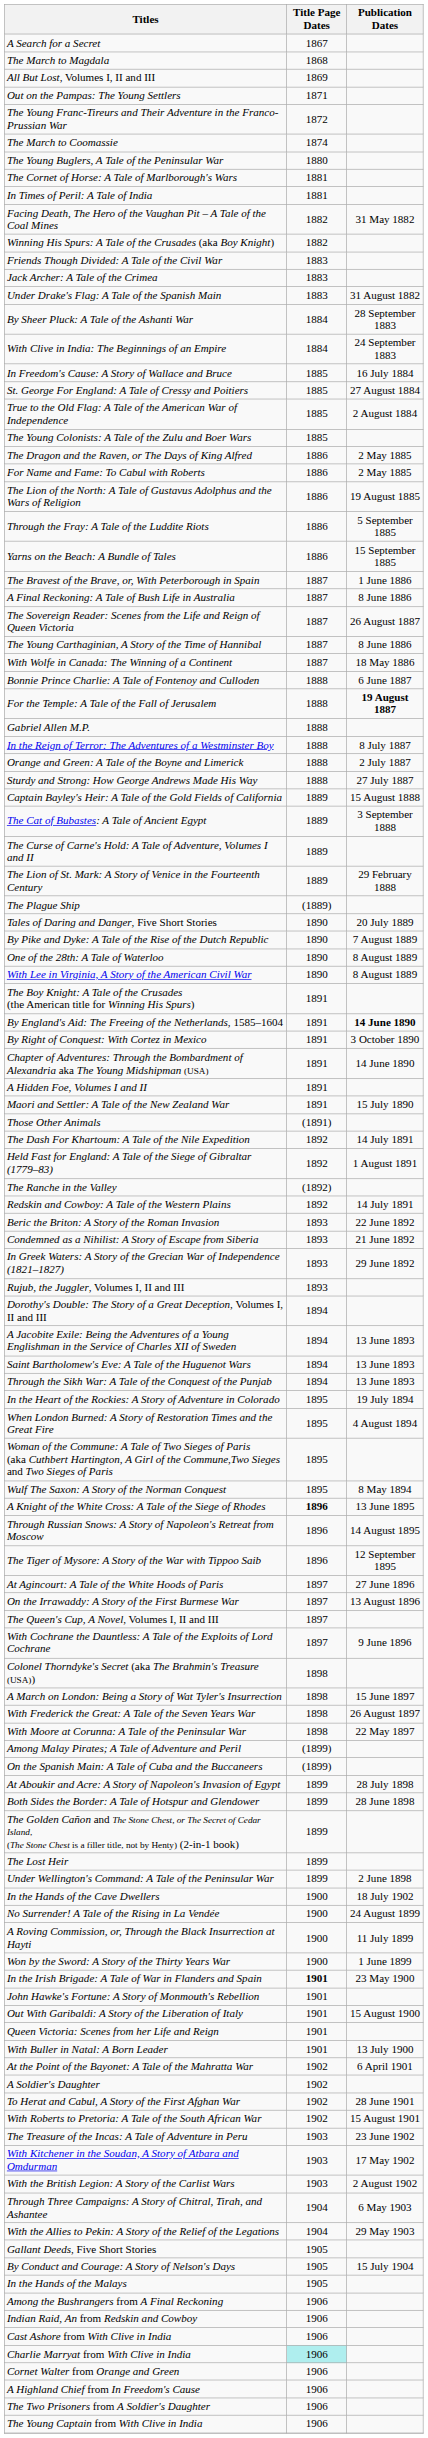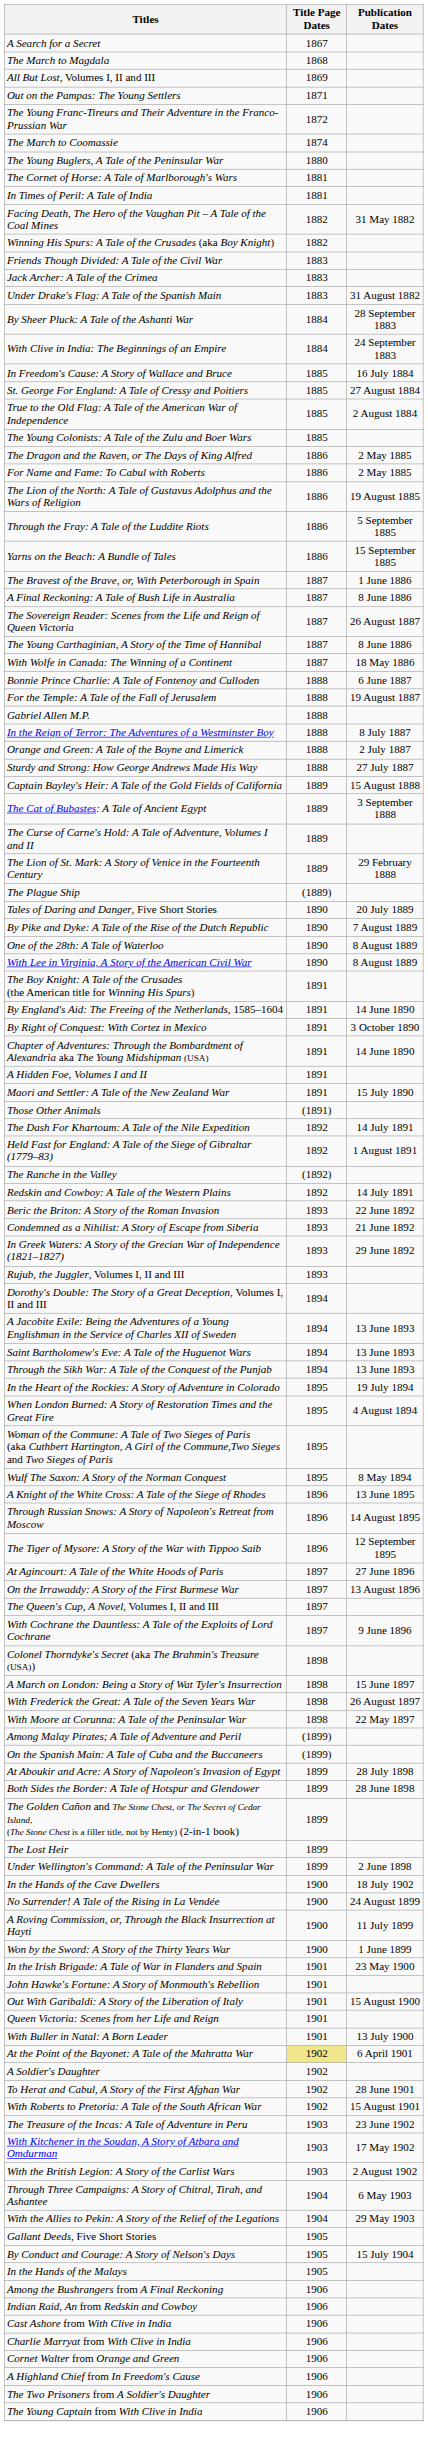 <table class="wikitable sortable" style="text-align: center;">
 <tr>
 <th>Titles</th>
 <th>Title Page Dates</th>
 <th>Publication Dates</th>
 </tr>
 <tr>
 <td align="left"><em>A Search for a Secret</em></td>
 <td>1867</td>
 <td></td>
 </tr>
 <tr>
 <td align="left"><em>The March to Magdala</em></td>
 <td>1868</td>
 <td></td>
 </tr>
 <tr>
 <td align="left"><em>All But Lost</em>, Volumes I, II and III</td>
 <td>1869</td>
 <td></td>
 </tr>
 <tr>
 <td align="left"><em>Out on the Pampas: The Young Settlers</em></td>
 <td>1871</td>
 <td></td>
 </tr>
 <tr>
 <td align="left"><em>The Young Franc-Tireurs and Their Adventure in the Franco-Prussian War</em></td>
 <td>1872</td>
 <td></td>
 </tr>
 <tr>
 <td align="left"><em>The March to Coomassie</em></td>
 <td>1874</td>
 <td></td>
 </tr>
 <tr>
 <td align="left"><em>The Young Buglers, A Tale of the Peninsular War</em></td>
 <td>1880</td>
 <td></td>
 </tr>
 <tr>
 <td align="left"><em>The Cornet of Horse: A Tale of Marlborough's Wars</em></td>
 <td>1881</td>
 <td></td>
 </tr>
 <tr>
 <td align="left"><em>In Times of Peril: A Tale of India</em></td>
 <td>1881</td>
 <td></td>
 </tr>
 <tr>
 <td align="left"><em>Facing Death, The Hero of the Vaughan Pit – A Tale of the Coal Mines</em></td>
 <td>1882</td>
 <td>31 May 1882</td>
 </tr>
 <tr>
 <td align="left"><em>Winning His Spurs: A Tale of the Crusades</em> (aka <em>Boy Knight</em>)</td>
 <td>1882</td>
 <td></td>
 </tr>
 <tr>
 <td align="left"><em>Friends Though Divided: A Tale of the Civil War</em></td>
 <td>1883</td>
 <td></td>
 </tr>
 <tr>
 <td align="left"><em>Jack Archer: A Tale of the Crimea</em></td>
 <td>1883</td>
 <td></td>
 </tr>
 <tr>
 <td align="left"><em>Under Drake's Flag: A Tale of the Spanish Main</em></td>
 <td>1883</td>
 <td>31 August 1882</td>
 </tr>
 <tr>
 <td align="left"><em>By Sheer Pluck: A Tale of the Ashanti War</em></td>
 <td>1884</td>
 <td>28 September 1883</td>
 </tr>
 <tr>
 <td align="left"><em>With Clive in India: The Beginnings of an Empire</em></td>
 <td>1884</td>
 <td>24 September 1883</td>
 </tr>
 <tr>
 <td align="left"><em>In Freedom's Cause: A Story of Wallace and Bruce</em></td>
 <td>1885</td>
 <td>16 July 1884</td>
 </tr>
 <tr>
 <td align="left"><em>St. George For England: A Tale of Cressy and Poitiers</em></td>
 <td>1885</td>
 <td>27 August 1884</td>
 </tr>
 <tr>
 <td align="left"><em>True to the Old Flag: A Tale of the American War of Independence</em></td>
 <td>1885</td>
 <td>2 August 1884</td>
 </tr>
 <tr>
 <td align="left"><em>The Young Colonists: A Tale of the Zulu and Boer Wars</em></td>
 <td>1885</td>
 <td></td>
 </tr>
 <tr>
 <td align="left"><em>The Dragon and the Raven, or The Days of King Alfred</em></td>
 <td>1886</td>
 <td>2 May 1885</td>
 </tr>
 <tr>
 <td align="left"><em>For Name and Fame: To Cabul with Roberts</em></td>
 <td>1886</td>
 <td>2 May 1885</td>
 </tr>
 <tr>
 <td align="left"><em>The Lion of the North: A Tale of Gustavus Adolphus and the Wars of Religion</em></td>
 <td>1886</td>
 <td>19 August 1885</td>
 </tr>
 <tr>
 <td align="left"><em>Through the Fray: A Tale of the Luddite Riots</em></td>
 <td>1886</td>
 <td>5 September 1885</td>
 </tr>
 <tr>
 <td align="left"><em>Yarns on the Beach: A Bundle of Tales</em></td>
 <td>1886</td>
 <td>15 September 1885</td>
 </tr>
 <tr>
 <td align="left"><em>The Bravest of the Brave, or, With Peterborough in Spain</em></td>
 <td>1887</td>
 <td>1 June 1886</td>
 </tr>
 <tr>
 <td align="left"><em>A Final Reckoning: A Tale of Bush Life in Australia</em></td>
 <td>1887</td>
 <td>8 June 1886</td>
 </tr>
 <tr>
 <td align="left"><em>The Sovereign Reader: Scenes from the Life and Reign of Queen Victoria</em></td>
 <td>1887</td>
 <td>26 August 1887</td>
 </tr>
 <tr>
 <td align="left"><em>The Young Carthaginian, A Story of the Time of Hannibal</em></td>
 <td>1887</td>
 <td>8 June 1886</td>
 </tr>
 <tr>
 <td align="left"><em>With Wolfe in Canada: The Winning of a Continent</em></td>
 <td>1887</td>
 <td>18 May 1886</td>
 </tr>
 <tr>
 <td align="left"><em>Bonnie Prince Charlie: A Tale of Fontenoy and Culloden</em></td>
 <td>1888</td>
 <td>6 June 1887</td>
 </tr>
 <tr>
 <td align="left"><em>For the Temple: A Tale of the Fall of Jerusalem</em></td>
 <td>1888</td>
-<td><strong>19 August 1887</strong></td>
+<td>19 August 1887</td>
 </tr>
 <tr>
 <td align="left"><em>Gabriel Allen M.P.</em></td>
 <td>1888</td>
 <td></td>
 </tr>
 <tr>
 <td align="left"><em><a href='#'>In the Reign of Terror: The Adventures of a Westminster Boy</a></em></td>
 <td>1888</td>
 <td>8 July 1887</td>
 </tr>
 <tr>
 <td align="left"><em>Orange and Green: A Tale of the Boyne and Limerick</em></td>
 <td>1888</td>
 <td>2 July 1887</td>
 </tr>
 <tr>
 <td align="left"><em>Sturdy and Strong: How George Andrews Made His Way</em></td>
 <td>1888</td>
 <td>27 July 1887</td>
 </tr>
 <tr>
 <td align="left"><em>Captain Bayley's Heir: A Tale of the Gold Fields of California</em></td>
 <td>1889</td>
 <td>15 August 1888</td>
 </tr>
 <tr>
 <td align="left"><em><a href='#'>The Cat of Bubastes</a>: A Tale of Ancient Egypt</em></td>
 <td>1889</td>
 <td>3 September 1888</td>
 </tr>
 <tr>
 <td align="left"><em>The Curse of Carne's Hold: A Tale of Adventure, Volumes I and II</em></td>
 <td>1889</td>
 <td></td>
 </tr>
 <tr>
 <td align="left"><em>The Lion of St. Mark: A Story of Venice in the Fourteenth Century</em></td>
 <td>1889</td>
 <td>29 February 1888</td>
 </tr>
 <tr>
 <td align="left"><em>The Plague Ship</em></td>
 <td>(1889)</td>
 <td></td>
 </tr>
 <tr>
 <td align="left"><em>Tales of Daring and Danger</em>, Five Short Stories</td>
 <td>1890</td>
 <td>20 July 1889</td>
 </tr>
 <tr>
 <td align="left"><em>By Pike and Dyke: A Tale of the Rise of the Dutch Republic</em></td>
 <td>1890</td>
 <td>7 August 1889</td>
 </tr>
 <tr>
 <td align="left"><em>One of the 28th: A Tale of Waterloo</em></td>
 <td>1890</td>
 <td>8 August 1889</td>
 </tr>
 <tr>
 <td align="left"><em><a href='#'>With Lee in Virginia, A Story of the American Civil War</a></em></td>
 <td>1890</td>
 <td>8 August 1889</td>
 </tr>
 <tr>
 <td align="left"><em>The Boy Knight: A Tale of the Crusades</em> <br>(the American title for <em>Winning His Spurs</em>)</td>
 <td>1891</td>
 <td></td>
 </tr>
 <tr>
 <td align="left"><em>By England's Aid: The Freeing of the Netherlands</em>, 1585–1604</td>
 <td>1891</td>
-<td><strong>14 June 1890</strong></td>
+<td>14 June 1890</td>
 </tr>
 <tr>
 <td align="left"><em>By Right of Conquest: With Cortez in Mexico</em></td>
 <td>1891</td>
 <td>3 October 1890</td>
 </tr>
 <tr>
 <td align="left"><em>Chapter of Adventures: Through the Bombardment of Alexandria</em> aka <em>The Young Midshipman</em> <small>(USA)</small></td>
 <td>1891</td>
 <td>14 June 1890</td>
 </tr>
 <tr>
 <td align="left"><em>A Hidden Foe, Volumes I and II</em></td>
 <td>1891</td>
 <td></td>
 </tr>
 <tr>
 <td align="left"><em>Maori and Settler: A Tale of the New Zealand War</em></td>
 <td>1891</td>
 <td>15 July 1890</td>
 </tr>
 <tr>
 <td align="left"><em>Those Other Animals</em></td>
 <td>(1891)</td>
 <td></td>
 </tr>
 <tr>
 <td align="left"><em>The Dash For Khartoum: A Tale of the Nile Expedition</em></td>
 <td>1892</td>
 <td>14 July 1891</td>
 </tr>
 <tr>
 <td align="left"><em>Held Fast for England: A Tale of the Siege of Gibraltar (1779–83)</em></td>
 <td>1892</td>
 <td>1 August 1891</td>
 </tr>
 <tr>
 <td align="left"><em>The Ranche in the Valley</em></td>
 <td>(1892)</td>
 <td></td>
 </tr>
 <tr>
 <td align="left"><em>Redskin and Cowboy: A Tale of the Western Plains</em></td>
 <td>1892</td>
 <td>14 July 1891</td>
 </tr>
 <tr>
 <td align="left"><em>Beric the Briton: A Story of the Roman Invasion</em></td>
 <td>1893</td>
 <td>22 June 1892</td>
 </tr>
 <tr>
 <td align="left"><em>Condemned as a Nihilist: A Story of Escape from Siberia</em></td>
 <td>1893</td>
 <td>21 June 1892</td>
 </tr>
 <tr>
 <td align="left"><em>In Greek Waters: A Story of the Grecian War of Independence (1821–1827)</em></td>
 <td>1893</td>
 <td>29 June 1892</td>
 </tr>
 <tr>
 <td align="left"><em>Rujub, the Juggler</em>, Volumes I, II and III</td>
 <td>1893</td>
 <td></td>
 </tr>
 <tr>
 <td align="left"><em>Dorothy's Double: The Story of a Great Deception</em>, Volumes I, II and III</td>
 <td>1894</td>
 <td></td>
 </tr>
 <tr>
 <td align="left"><em>A Jacobite Exile: Being the Adventures of a Young Englishman in the Service of Charles XII of Sweden</em></td>
 <td>1894</td>
 <td>13 June 1893</td>
 </tr>
 <tr>
 <td align="left"><em>Saint Bartholomew's Eve: A Tale of the Huguenot Wars</em></td>
 <td>1894</td>
 <td>13 June 1893</td>
 </tr>
 <tr>
 <td align="left"><em>Through the Sikh War: A Tale of the Conquest of the Punjab</em></td>
 <td>1894</td>
 <td>13 June 1893</td>
 </tr>
 <tr>
 <td align="left"><em>In the Heart of the Rockies: A Story of Adventure in Colorado</em></td>
 <td>1895</td>
 <td>19 July 1894</td>
 </tr>
 <tr>
 <td align="left"><em>When London Burned: A Story of Restoration Times and the Great Fire</em></td>
 <td>1895</td>
 <td>4 August 1894</td>
 </tr>
 <tr>
 <td align="left"><em>Woman of the Commune: A Tale of Two Sieges of Paris</em> <br>(aka <em>Cuthbert Hartington</em>, <em>A Girl of the Commune</em>,<em>Two Sieges</em> and <em>Two Sieges of Paris</em></td>
 <td>1895</td>
 <td></td>
 </tr>
 <tr>
 <td align="left"><em>Wulf The Saxon: A Story of the Norman Conquest</em></td>
 <td>1895</td>
 <td>8 May 1894</td>
 </tr>
 <tr>
 <td align="left"><em>A Knight of the White Cross: A Tale of the Siege of Rhodes</em></td>
-<td><strong>1896</strong></td>
+<td>1896</td>
 <td>13 June 1895</td>
 </tr>
 <tr>
 <td align="left"><em>Through Russian Snows: A Story of Napoleon's Retreat from Moscow</em></td>
 <td>1896</td>
 <td>14 August 1895</td>
 </tr>
 <tr>
 <td align="left"><em>The Tiger of Mysore: A Story of the War with Tippoo Saib</em></td>
 <td>1896</td>
 <td>12 September 1895</td>
 </tr>
 <tr>
 <td align="left"><em>At Agincourt: A Tale of the White Hoods of Paris</em></td>
 <td>1897</td>
 <td>27 June 1896</td>
 </tr>
 <tr>
 <td align="left"><em>On the Irrawaddy: A Story of the First Burmese War</em></td>
 <td>1897</td>
 <td>13 August 1896</td>
 </tr>
 <tr>
 <td align="left"><em>The Queen's Cup, A Novel</em>, Volumes I, II and III</td>
 <td>1897</td>
 <td></td>
 </tr>
 <tr>
 <td align="left"><em>With Cochrane the Dauntless: A Tale of the Exploits of Lord Cochrane</em></td>
 <td>1897</td>
 <td>9 June 1896</td>
 </tr>
 <tr>
 <td align="left"><em>Colonel Thorndyke's Secret</em> (aka <em>The Brahmin's Treasure</em> <small>(USA)</small>)</td>
 <td>1898</td>
 <td></td>
 </tr>
 <tr>
 <td align="left"><em>A March on London: Being a Story of Wat Tyler's Insurrection</em></td>
 <td>1898</td>
 <td>15 June 1897</td>
 </tr>
 <tr>
 <td align="left"><em>With Frederick the Great: A Tale of the Seven Years War</em></td>
 <td>1898</td>
 <td>26 August 1897</td>
 </tr>
 <tr>
 <td align="left"><em>With Moore at Corunna: A Tale of the Peninsular War</em></td>
 <td>1898</td>
 <td>22 May 1897</td>
 </tr>
 <tr>
 <td align="left"><em>Among Malay Pirates; A Tale of Adventure and Peril</em></td>
 <td>(1899)</td>
 <td></td>
 </tr>
 <tr>
 <td align="left"><em>On the Spanish Main: A Tale of Cuba and the Buccaneers</em></td>
 <td>(1899)</td>
 <td></td>
 </tr>
 <tr>
 <td align="left"><em>At Aboukir and Acre: A Story of Napoleon's Invasion of Egypt</em></td>
 <td>1899</td>
 <td>28 July 1898</td>
 </tr>
 <tr>
 <td align="left"><em>Both Sides the Border: A Tale of Hotspur and Glendower</em></td>
 <td>1899</td>
 <td>28 June 1898</td>
 </tr>
 <tr>
 <td align="left"><em>The Golden Cañon</em> and <small><em>The Stone Chest, or The Secret of Cedar Island</em>, <br>(<em>The Stone Chest</em> is a filler title, not by Henty)</small> (2-in-1 book)</td>
 <td>1899</td>
 <td></td>
 </tr>
 <tr>
 <td align="left"><em>The Lost Heir</em></td>
 <td>1899</td>
 <td></td>
 </tr>
 <tr>
 <td align="left"><em>Under Wellington's Command: A Tale of the Peninsular War</em></td>
 <td>1899</td>
 <td>2 June 1898</td>
 </tr>
 <tr>
 <td align="left"><em>In the Hands of the Cave Dwellers</em></td>
 <td>1900</td>
 <td>18 July 1902</td>
 </tr>
 <tr>
 <td align="left"><em>No Surrender! A Tale of the Rising in La Vendée</em></td>
 <td>1900</td>
 <td>24 August 1899</td>
 </tr>
 <tr>
 <td align="left"><em>A Roving Commission, or, Through the Black Insurrection at Hayti</em></td>
 <td>1900</td>
 <td>11 July 1899</td>
 </tr>
 <tr>
 <td align="left"><em>Won by the Sword: A Story of the Thirty Years War</em></td>
 <td>1900</td>
 <td>1 June 1899</td>
 </tr>
 <tr>
 <td align="left"><em>In the Irish Brigade: A Tale of War in Flanders and Spain</em></td>
-<td><strong>1901</strong></td>
+<td>1901</td>
 <td>23 May 1900</td>
 </tr>
 <tr>
 <td align="left"><em>John Hawke's Fortune: A Story of Monmouth's Rebellion</em></td>
 <td>1901</td>
 <td></td>
 </tr>
 <tr>
 <td align="left"><em>Out With Garibaldi: A Story of the Liberation of Italy</em></td>
 <td>1901</td>
 <td>15 August 1900</td>
 </tr>
 <tr>
 <td align="left"><em>Queen Victoria: Scenes from her Life and Reign</em></td>
 <td>1901</td>
 <td></td>
 </tr>
 <tr>
 <td align="left"><em>With Buller in Natal: A Born Leader</em></td>
 <td>1901</td>
 <td>13 July 1900</td>
 </tr>
 <tr>
 <td align="left"><em>At the Point of the Bayonet: A Tale of the Mahratta War</em></td>
-<td>1902</td>
+<td style="background: khaki;">1902</td>
 <td>6 April 1901</td>
 </tr>
 <tr>
 <td align="left"><em>A Soldier's Daughter</em></td>
 <td>1902</td>
 <td></td>
 </tr>
 <tr>
 <td align="left"><em>To Herat and Cabul, A Story of the First Afghan War</em></td>
 <td>1902</td>
 <td>28 June 1901</td>
 </tr>
 <tr>
 <td align="left"><em>With Roberts to Pretoria: A Tale of the South African War</em></td>
 <td>1902</td>
 <td>15 August 1901</td>
 </tr>
 <tr>
 <td align="left"><em>The Treasure of the Incas: A Tale of Adventure in Peru</em></td>
 <td>1903</td>
 <td>23 June 1902</td>
 </tr>
 <tr>
 <td align="left"><em><a href='#'>With Kitchener in the Soudan, A Story of Atbara and Omdurman</a></em></td>
 <td>1903</td>
 <td>17 May 1902</td>
 </tr>
 <tr>
 <td align="left"><em>With the British Legion: A Story of the Carlist Wars</em></td>
 <td>1903</td>
 <td>2 August 1902</td>
 </tr>
 <tr>
 <td align="left"><em>Through Three Campaigns: A Story of Chitral, Tirah, and Ashantee</em></td>
 <td>1904</td>
 <td>6 May 1903</td>
 </tr>
 <tr>
 <td align="left"><em>With the Allies to Pekin: A Story of the Relief of the Legations</em></td>
 <td>1904</td>
 <td>29 May 1903</td>
 </tr>
 <tr>
 <td align="left"><em>Gallant Deeds</em>, Five Short Stories</td>
 <td>1905</td>
 <td></td>
 </tr>
 <tr>
 <td align="left"><em>By Conduct and Courage: A Story of Nelson's Days</em></td>
 <td>1905</td>
 <td>15 July 1904</td>
 </tr>
 <tr>
 <td align="left"><em>In the Hands of the Malays</em></td>
 <td>1905</td>
 <td></td>
 </tr>
 <tr>
 <td align="left"><em>Among the Bushrangers</em> from <em>A Final Reckoning</em></td>
 <td>1906</td>
 <td></td>
 </tr>
 <tr>
 <td align="left"><em>Indian Raid, An</em> from <em>Redskin and Cowboy</em></td>
 <td>1906</td>
 <td></td>
 </tr>
 <tr>
 <td align="left"><em>Cast Ashore</em> from <em>With Clive in India</em></td>
 <td>1906</td>
 <td></td>
 </tr>
 <tr>
 <td align="left"><em>Charlie Marryat</em> from <em>With Clive in India</em></td>
-<td style="background: paleturquoise;">1906</td>
+<td>1906</td>
 <td></td>
 </tr>
 <tr>
 <td align="left"><em>Cornet Walter</em> from <em>Orange and Green</em></td>
 <td>1906</td>
 <td></td>
 </tr>
 <tr>
 <td align="left"><em>A Highland Chief</em> from <em>In Freedom's Cause</em></td>
 <td>1906</td>
 <td></td>
 </tr>
 <tr>
 <td align="left"><em>The Two Prisoners</em> from <em>A Soldier's Daughter</em></td>
 <td>1906</td>
 <td></td>
 </tr>
 <tr>
 <td align="left"><em>The Young Captain</em> from <em>With Clive in India</em></td>
 <td>1906</td>
 <td></td>
 </tr>
 <tr>
 </tr>
 </table>
